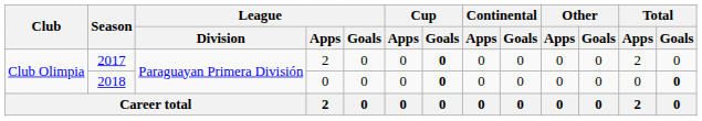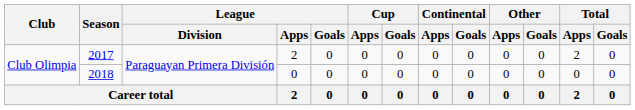 <table class="wikitable" style="text-align: center">
 <tr>
 <th rowspan="2">Club</th>
 <th rowspan="2">Season</th>
 <th colspan="3">League</th>
 <th colspan="2">Cup</th>
 <th colspan="2">Continental</th>
 <th colspan="2">Other</th>
 <th colspan="2">Total</th>
 </tr>
 <tr>
 <th>Division</th>
 <th>Apps</th>
 <th>Goals</th>
 <th>Apps</th>
 <th>Goals</th>
 <th>Apps</th>
 <th>Goals</th>
 <th>Apps</th>
 <th>Goals</th>
 <th>Apps</th>
 <th>Goals</th>
 </tr>
 <tr>
 <td rowspan="2"><a href='#'>Club Olimpia</a></td>
 <td><a href='#'>2017</a></td>
 <td rowspan="2"><a href='#'>Paraguayan Primera División</a></td>
 <td>2</td>
 <td>0</td>
 <td>0</td>
-<td><strong>0</strong></td>
+<td>0</td>
 <td>0</td>
 <td>0</td>
 <td>0</td>
 <td>0</td>
 <td>2</td>
 <td>0</td>
 </tr>
 <tr>
 <td><a href='#'>2018</a></td>
 <td>0</td>
 <td>0</td>
 <td>0</td>
-<td><strong>0</strong></td>
 <td>0</td>
 <td>0</td>
 <td>0</td>
 <td>0</td>
 <td>0</td>
-<td><strong>0</strong></td>
+<td>0</td>
+<td>0</td>
 </tr>
 <tr>
 <th colspan="3"><strong>Career total</strong></th>
 <th>2</th>
 <th>0</th>
 <th>0</th>
 <th>0</th>
 <th>0</th>
 <th>0</th>
 <th>0</th>
 <th>0</th>
 <th>2</th>
 <th>0</th>
 </tr>
 </table>
